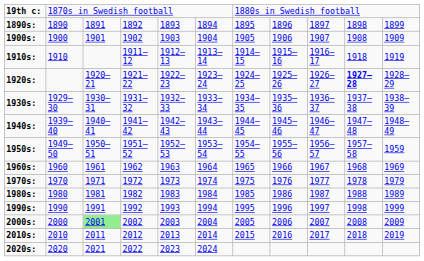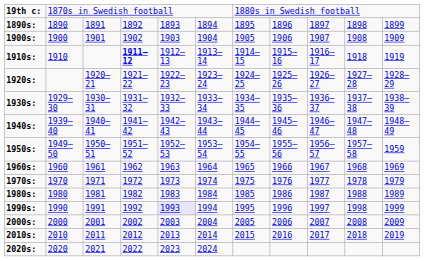 <table class="wikitable" style="width: 650px;">
 <tr>
 <td width="10%"><strong>19th c:</strong></td>
 <td width="45%" colspan="5"><a href='#'>1870s in Swedish football</a></td>
 <td width="45%" colspan="5"><a href='#'>1880s in Swedish football</a></td>
 </tr>
 <tr>
 <td><strong>1890s:</strong></td>
 <td width="9%"><a href='#'>1890</a></td>
 <td width="9%"><a href='#'>1891</a></td>
 <td width="9%"><a href='#'>1892</a></td>
 <td width="9%"><a href='#'>1893</a></td>
 <td width="9%"><a href='#'>1894</a></td>
 <td width="9%"><a href='#'>1895</a></td>
 <td width="9%"><a href='#'>1896</a></td>
 <td width="9%"><a href='#'>1897</a></td>
 <td width="9%"><a href='#'>1898</a></td>
 <td width="9%"><a href='#'>1899</a></td>
 </tr>
 <tr>
 <td><strong>1900s:</strong></td>
 <td><a href='#'>1900</a></td>
 <td><a href='#'>1901</a></td>
 <td><a href='#'>1902</a></td>
 <td><a href='#'>1903</a></td>
 <td><a href='#'>1904</a></td>
 <td><a href='#'>1905</a></td>
 <td><a href='#'>1906</a></td>
 <td><a href='#'>1907</a></td>
 <td><a href='#'>1908</a></td>
 <td><a href='#'>1909</a></td>
 </tr>
 <tr>
 <td><strong>1910s:</strong></td>
 <td><a href='#'>1910</a></td>
 <td></td>
-<td><a href='#'>1911–12</a></td>
+<td><strong><a href='#'>1911–12</a></strong></td>
 <td><a href='#'>1912–13</a></td>
 <td><a href='#'>1913–14</a></td>
 <td><a href='#'>1914–15</a></td>
 <td><a href='#'>1915–16</a></td>
 <td><a href='#'>1916–17</a></td>
 <td><a href='#'>1918</a></td>
 <td><a href='#'>1919</a></td>
 </tr>
 <tr>
 <td><strong>1920s:</strong></td>
 <td></td>
 <td><a href='#'>1920–21</a></td>
 <td><a href='#'>1921–22</a></td>
 <td><a href='#'>1922–23</a></td>
 <td><a href='#'>1923–24</a></td>
 <td><a href='#'>1924–25</a></td>
 <td><a href='#'>1925–26</a></td>
 <td><a href='#'>1926–27</a></td>
-<td><strong><a href='#'>1927–28</a></strong></td>
+<td><a href='#'>1927–28</a></td>
 <td><a href='#'>1928–29</a></td>
 </tr>
 <tr>
 <td><strong>1930s:</strong></td>
 <td><a href='#'>1929–30</a></td>
 <td><a href='#'>1930–31</a></td>
 <td><a href='#'>1931–32</a></td>
 <td><a href='#'>1932–33</a></td>
 <td><a href='#'>1933–34</a></td>
 <td><a href='#'>1934–35</a></td>
 <td><a href='#'>1935–36</a></td>
 <td><a href='#'>1936–37</a></td>
 <td><a href='#'>1937–38</a></td>
 <td><a href='#'>1938–39</a></td>
 </tr>
 <tr>
 <td><strong>1940s:</strong></td>
 <td><a href='#'>1939–40</a></td>
 <td><a href='#'>1940–41</a></td>
 <td><a href='#'>1941–42</a></td>
 <td><a href='#'>1942–43</a></td>
 <td><a href='#'>1943–44</a></td>
 <td><a href='#'>1944–45</a></td>
 <td><a href='#'>1945–46</a></td>
 <td><a href='#'>1946–47</a></td>
 <td><a href='#'>1947–48</a></td>
 <td><a href='#'>1948–49</a></td>
 </tr>
 <tr>
 <td><strong>1950s:</strong></td>
 <td><a href='#'>1949–50</a></td>
 <td><a href='#'>1950–51</a></td>
 <td><a href='#'>1951–52</a></td>
 <td><a href='#'>1952–53</a></td>
 <td><a href='#'>1953–54</a></td>
 <td><a href='#'>1954–55</a></td>
 <td><a href='#'>1955–56</a></td>
 <td><a href='#'>1956–57</a></td>
 <td><a href='#'>1957–58</a></td>
 <td><a href='#'>1959</a></td>
 </tr>
 <tr>
 <td><strong>1960s:</strong></td>
 <td><a href='#'>1960</a></td>
 <td><a href='#'>1961</a></td>
 <td><a href='#'>1962</a></td>
 <td><a href='#'>1963</a></td>
 <td><a href='#'>1964</a></td>
 <td><a href='#'>1965</a></td>
 <td><a href='#'>1966</a></td>
 <td><a href='#'>1967</a></td>
 <td><a href='#'>1968</a></td>
 <td><a href='#'>1969</a></td>
 </tr>
 <tr>
 <td><strong>1970s:</strong></td>
 <td><a href='#'>1970</a></td>
 <td><a href='#'>1971</a></td>
 <td><a href='#'>1972</a></td>
 <td><a href='#'>1973</a></td>
 <td><a href='#'>1974</a></td>
 <td><a href='#'>1975</a></td>
 <td><a href='#'>1976</a></td>
 <td><a href='#'>1977</a></td>
 <td><a href='#'>1978</a></td>
 <td><a href='#'>1979</a></td>
 </tr>
 <tr>
 <td><strong>1980s:</strong></td>
 <td><a href='#'>1980</a></td>
 <td><a href='#'>1981</a></td>
 <td><a href='#'>1982</a></td>
 <td><a href='#'>1983</a></td>
 <td><a href='#'>1984</a></td>
 <td><a href='#'>1985</a></td>
 <td><a href='#'>1986</a></td>
 <td><a href='#'>1987</a></td>
 <td><a href='#'>1988</a></td>
 <td><a href='#'>1989</a></td>
 </tr>
 <tr>
 <td><strong>1990s:</strong></td>
 <td><a href='#'>1990</a></td>
 <td><a href='#'>1991</a></td>
 <td><a href='#'>1992</a></td>
-<td><a href='#'>1993</a></td>
+<td style="background: lavender;"><a href='#'>1993</a></td>
 <td><a href='#'>1994</a></td>
 <td><a href='#'>1995</a></td>
 <td><a href='#'>1996</a></td>
 <td><a href='#'>1997</a></td>
 <td><a href='#'>1998</a></td>
 <td><a href='#'>1999</a></td>
 </tr>
 <tr>
 <td><strong>2000s:</strong></td>
 <td><a href='#'>2000</a></td>
-<td style="background: lightgreen;"><a href='#'>2001</a></td>
+<td><a href='#'>2001</a></td>
 <td><a href='#'>2002</a></td>
 <td><a href='#'>2003</a></td>
 <td><a href='#'>2004</a></td>
 <td><a href='#'>2005</a></td>
 <td><a href='#'>2006</a></td>
 <td><a href='#'>2007</a></td>
 <td><a href='#'>2008</a></td>
 <td><a href='#'>2009</a></td>
 </tr>
 <tr>
 <td><strong>2010s:</strong></td>
 <td><a href='#'>2010</a></td>
 <td><a href='#'>2011</a></td>
 <td><a href='#'>2012</a></td>
 <td><a href='#'>2013</a></td>
 <td><a href='#'>2014</a></td>
 <td><a href='#'>2015</a></td>
 <td><a href='#'>2016</a></td>
 <td><a href='#'>2017</a></td>
 <td><a href='#'>2018</a></td>
 <td><a href='#'>2019</a></td>
 </tr>
 <tr>
 <td><strong>2020s:</strong></td>
 <td><a href='#'>2020</a></td>
 <td><a href='#'>2021</a></td>
 <td><a href='#'>2022</a></td>
 <td><a href='#'>2023</a></td>
 <td><a href='#'>2024</a></td>
 <td></td>
 <td></td>
 <td></td>
 <td></td>
 <td></td>
 </tr>
 </table>
